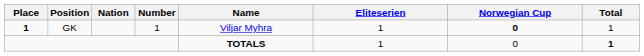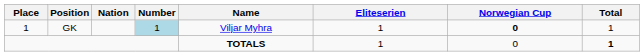 <table class="wikitable" style="font-size: 95%; text-align: center;">
 <tr>
 <th width=60>Place</th>
 <th width=60>Position</th>
 <th width=60>Nation</th>
 <th width=60>Number</th>
 <th width=200>Name</th>
 <th width=200><a href='#'>Eliteserien</a></th>
 <th width=200><a href='#'>Norwegian Cup</a></th>
 <th width=80><strong>Total</strong></th>
 </tr>
 <tr>
-<td><strong>1</strong></td>
+<td>1</td>
 <td>GK</td>
 <td></td>
-<td>1</td>
+<td style="background: lightblue;">1</td>
 <td><a href='#'>Viljar Myhra</a></td>
 <td>1</td>
 <td><strong>0</strong></td>
 <td>1</td>
 </tr>
 <tr>
 <td colspan="4"></td>
 <td><strong>TOTALS</strong></td>
 <td>1</td>
 <td>0</td>
 <td><strong>1</strong></td>
 </tr>
 </table>
